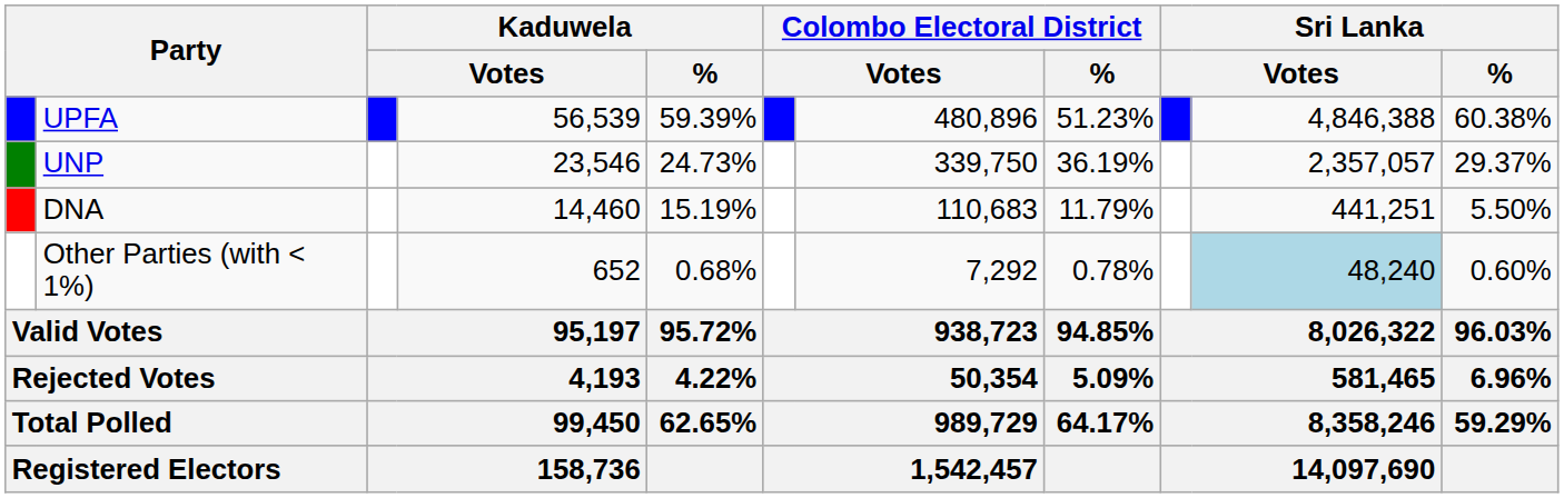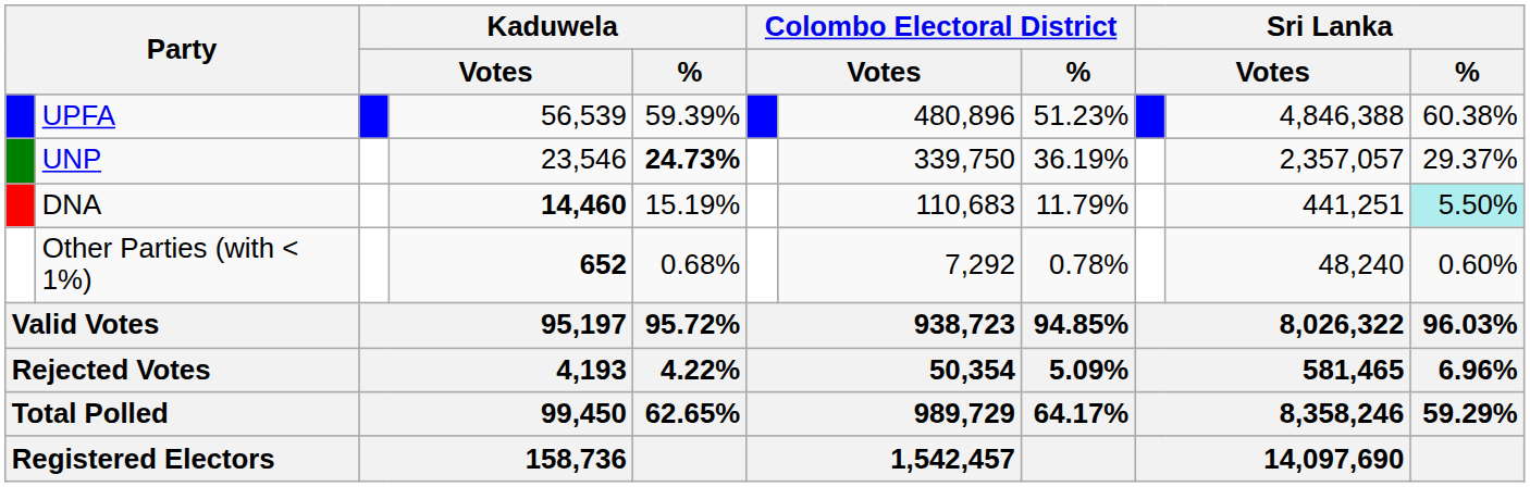 <table class="wikitable">
 <tr>
 <th colspan="2" width="144px"rowspan="2">Party</th>
 <th colspan="3" width="216px">Kaduwela</th>
 <th colspan="3" width="216px"><a href='#'>Colombo Electoral District</a></th>
 <th colspan="3" width="216px">Sri Lanka</th>
 </tr>
 <tr>
 <th colspan="2" width="144px">Votes</th>
 <th>%</th>
 <th colspan="2" width="144px">Votes</th>
 <th>%</th>
 <th colspan="2" width="144px">Votes</th>
 <th>%</th>
 </tr>
 <tr>
 <td style="background-color:blue;" width="10px"></td>
 <td style="text-align:left;"><a href='#'>UPFA</a></td>
 <td style="background-color:blue;" width="10px"></td>
 <td style="text-align:right;">56,539</td>
 <td style="text-align:right;">59.39%</td>
 <td style="background-color:blue;" width="10px"></td>
 <td style="text-align:right;">480,896</td>
 <td style="text-align:right;">51.23%</td>
 <td style="background-color:blue;" width="10px"></td>
 <td style="text-align:right;">4,846,388</td>
 <td style="text-align:right;">60.38%</td>
 </tr>
 <tr>
 <td style="background-color:green;" width="10px"></td>
 <td style="text-align:left;"><a href='#'>UNP</a></td>
 <td style="background-color:white;" width="10px"></td>
 <td style="text-align:right;">23,546</td>
-<td style="text-align:right;">24.73%</td>
+<td style="text-align:right;"><strong>24.73%</strong></td>
 <td style="background-color:white;" width="10px"></td>
 <td style="text-align:right;">339,750</td>
 <td style="text-align:right;">36.19%</td>
 <td style="background-color:white;" width="10px"></td>
 <td style="text-align:right;">2,357,057</td>
 <td style="text-align:right;">29.37%</td>
 </tr>
 <tr>
 <td style="background-color:red;" width="10px"></td>
 <td style="text-align:left;">DNA</td>
 <td style="background-color:white;" width="10px"></td>
-<td style="text-align:right;">14,460</td>
+<td style="text-align:right;"><strong>14,460</strong></td>
 <td style="text-align:right;">15.19%</td>
 <td style="background-color:white;" width="10px"></td>
 <td style="text-align:right;">110,683</td>
 <td style="text-align:right;">11.79%</td>
 <td style="background-color:white;" width="10px"></td>
 <td style="text-align:right;">441,251</td>
-<td style="text-align:right;">5.50%</td>
+<td style="background: paleturquoise; text-align:right;">5.50%</td>
 </tr>
 <tr>
 <td style="background-color:white;" width="10px"></td>
 <td style="text-align:left;">Other Parties (with < 1%)</td>
 <td style="background-color:white;" width="10px"></td>
-<td style="text-align:right;">652</td>
+<td style="text-align:right;"><strong>652</strong></td>
 <td style="text-align:right;">0.68%</td>
 <td style="background-color:white;" width="10px"></td>
 <td style="text-align:right;">7,292</td>
 <td style="text-align:right;">0.78%</td>
 <td style="background-color:white;" width="10px"></td>
-<td style="background: lightblue; text-align:right;">48,240</td>
+<td style="text-align:right;">48,240</td>
 <td style="text-align:right;">0.60%</td>
 </tr>
 <tr>
 <th colspan="2" width="144px"style="text-align:left;">Valid Votes</th>
 <th style="text-align:right;"colspan="2" width="144px">95,197</th>
 <th style="text-align:right;">95.72%</th>
 <th style="text-align:right;"colspan="2" width="144px">938,723</th>
 <th style="text-align:right;">94.85%</th>
 <th style="text-align:right;"colspan="2" width="144px">8,026,322</th>
 <th style="text-align:right;">96.03%</th>
 </tr>
 <tr>
 <th colspan="2" width="144px"style="text-align:left;">Rejected Votes</th>
 <th style="text-align:right;"colspan="2" width="144px">4,193</th>
 <th style="text-align:right;">4.22%</th>
 <th style="text-align:right;"colspan="2" width="144px">50,354</th>
 <th style="text-align:right;">5.09%</th>
 <th style="text-align:right;"colspan="2" width="144px">581,465</th>
 <th style="text-align:right;">6.96%</th>
 </tr>
 <tr>
 <th colspan="2" width="144px"style="text-align:left;">Total Polled</th>
 <th style="text-align:right;"colspan="2" width="144px">99,450</th>
 <th style="text-align:right;">62.65%</th>
 <th style="text-align:right;"colspan="2" width="144px">989,729</th>
 <th style="text-align:right;">64.17%</th>
 <th style="text-align:right;"colspan="2" width="144px">8,358,246</th>
 <th style="text-align:right;">59.29%</th>
 </tr>
 <tr>
 <th colspan="2" width="144px"style="text-align:left;">Registered Electors</th>
 <th style="text-align:right;"colspan="2" width="144px">158,736</th>
 <th></th>
 <th style="text-align:right;"colspan="2" width="144px">1,542,457</th>
 <th></th>
 <th style="text-align:right;"colspan="2" width="144px">14,097,690</th>
 <th></th>
 </tr>
 </table>
